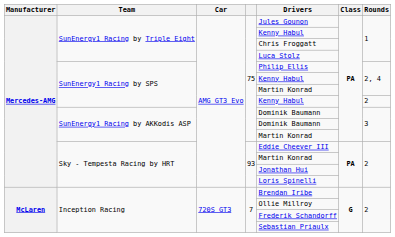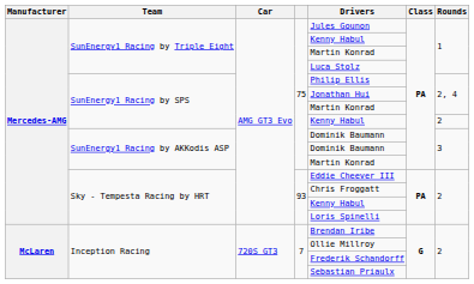 <table class="wikitable" style="font-size:85%;">
 <tr>
 <th>Manufacturer</th>
 <th>Team</th>
 <th>Car</th>
 <th></th>
 <th>Drivers</th>
 <th>Class</th>
 <th>Rounds</th>
 </tr>
 <tr>
 <th rowspan="15"><a href='#'>Mercedes-AMG</a></th>
 <td rowspan="4"> <a href='#'>SunEnergy1 Racing</a> by <a href='#'>Triple Eight</a></td>
 <td rowspan="15"><a href='#'>AMG GT3 Evo</a></td>
 <td rowspan="11" align="center">75</td>
 <td> <a href='#'>Jules Gounon</a></td>
 <td rowspan="11" align="center"><strong><span>PA</span></strong></td>
 <td rowspan="4">1</td>
 </tr>
 <tr>
 <td> <a href='#'>Kenny Habul</a></td>
 </tr>
 <tr>
-<td> Chris Froggatt</td>
+<td> Martin Konrad</td>
 </tr>
 <tr>
 <td> <a href='#'>Luca Stolz</a></td>
 </tr>
 <tr>
 <td rowspan="4"> <a href='#'>SunEnergy1 Racing</a> by SPS</td>
 <td> <a href='#'>Philip Ellis</a></td>
 <td rowspan="3">2, 4</td>
 </tr>
 <tr>
-<td> <a href='#'>Kenny Habul</a></td>
+<td> <a href='#'>Jonathan Hui</a></td>
 </tr>
 <tr>
 <td> Martin Konrad</td>
 </tr>
 <tr>
 <td> <a href='#'>Kenny Habul</a></td>
 <td>2</td>
 </tr>
 <tr>
 <td rowspan="3"> <a href='#'>SunEnergy1 Racing</a> by AKKodis ASP</td>
 <td> Dominik Baumann</td>
 <td rowspan="3">3</td>
 </tr>
 <tr>
 <td> Dominik Baumann</td>
 </tr>
 <tr>
 <td> Martin Konrad</td>
 </tr>
 <tr>
 <td rowspan="4"> Sky - Tempesta Racing by HRT</td>
 <td rowspan="4" align="center">93</td>
 <td> <a href='#'>Eddie Cheever III</a></td>
 <td rowspan="4" align="center"><strong><span>PA</span></strong></td>
 <td rowspan="4">2</td>
 </tr>
 <tr>
-<td> Martin Konrad</td>
+<td> Chris Froggatt</td>
 </tr>
 <tr>
-<td> <a href='#'>Jonathan Hui</a></td>
+<td> <a href='#'>Kenny Habul</a></td>
 </tr>
 <tr>
 <td> <a href='#'>Loris Spinelli</a></td>
 </tr>
 <tr>
 <th rowspan="4"><a href='#'>McLaren</a></th>
 <td rowspan="4"> Inception Racing</td>
 <td rowspan="4"><a href='#'>720S GT3</a></td>
 <td rowspan="4" align="center">7</td>
 <td> <a href='#'>Brendan Iribe</a></td>
 <td rowspan="4" align="center"><strong><span>G</span></strong></td>
 <td rowspan="4">2</td>
 </tr>
 <tr>
 <td> Ollie Millroy</td>
 </tr>
 <tr>
 <td> <a href='#'>Frederik Schandorff</a></td>
 </tr>
 <tr>
 <td> <a href='#'>Sebastian Priaulx</a></td>
 </tr>
 </table>
